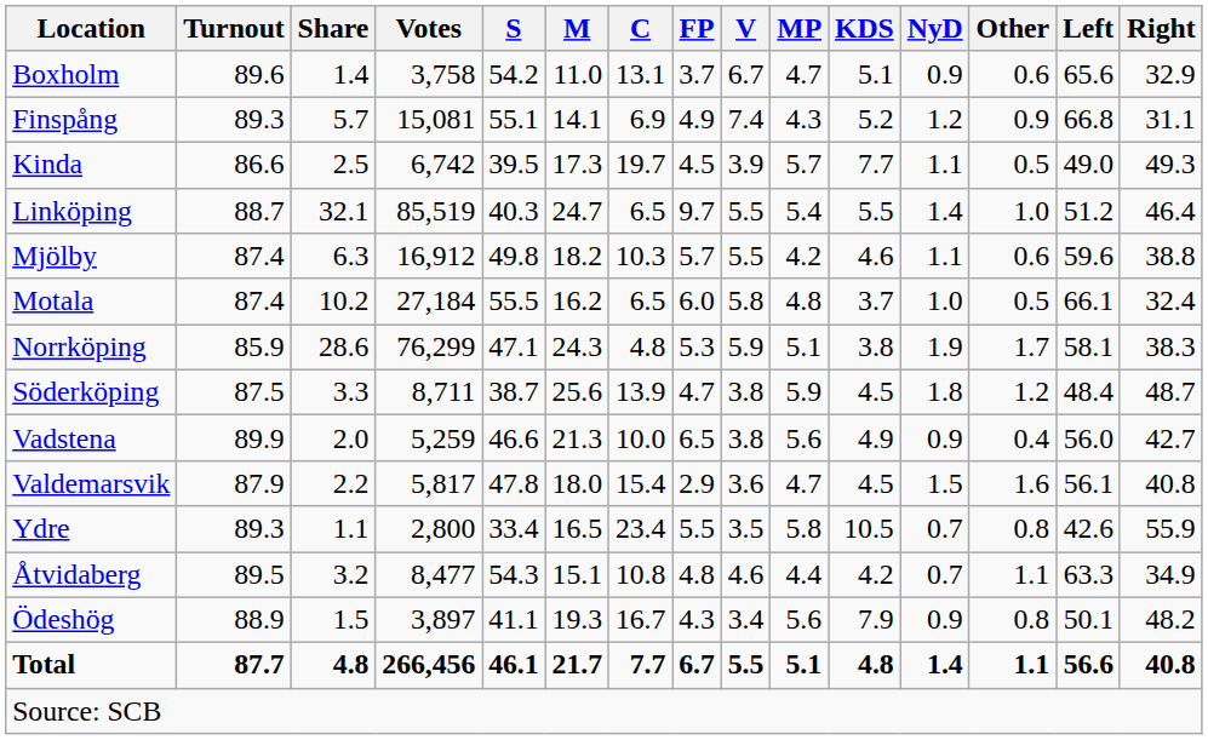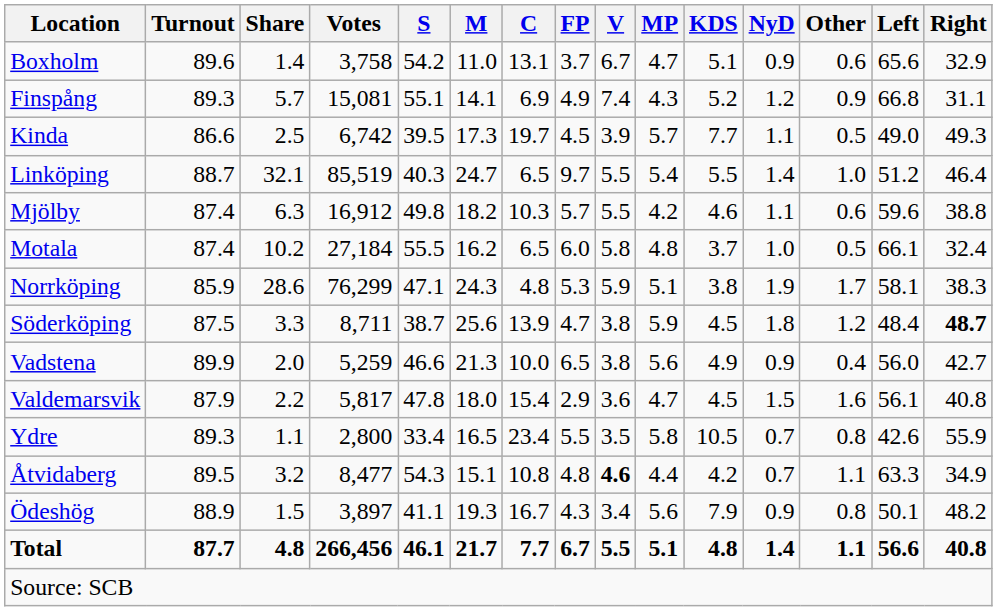 <table class="wikitable sortable" style=text-align:right>
 <tr>
 <th>Location</th>
 <th>Turnout</th>
 <th>Share</th>
 <th>Votes</th>
 <th><a href='#'>S</a></th>
 <th><a href='#'>M</a></th>
 <th><a href='#'>C</a></th>
 <th><a href='#'>FP</a></th>
 <th><a href='#'>V</a></th>
 <th><a href='#'>MP</a></th>
 <th><a href='#'>KDS</a></th>
 <th><a href='#'>NyD</a></th>
 <th>Other</th>
 <th>Left</th>
 <th>Right</th>
 </tr>
 <tr>
 <td align=left><a href='#'>Boxholm</a></td>
 <td>89.6</td>
 <td>1.4</td>
 <td>3,758</td>
 <td>54.2</td>
 <td>11.0</td>
 <td>13.1</td>
 <td>3.7</td>
 <td>6.7</td>
 <td>4.7</td>
 <td>5.1</td>
 <td>0.9</td>
 <td>0.6</td>
 <td>65.6</td>
 <td>32.9</td>
 </tr>
 <tr>
 <td align=left><a href='#'>Finspång</a></td>
 <td>89.3</td>
 <td>5.7</td>
 <td>15,081</td>
 <td>55.1</td>
 <td>14.1</td>
 <td>6.9</td>
 <td>4.9</td>
 <td>7.4</td>
 <td>4.3</td>
 <td>5.2</td>
 <td>1.2</td>
 <td>0.9</td>
 <td>66.8</td>
 <td>31.1</td>
 </tr>
 <tr>
 <td align=left><a href='#'>Kinda</a></td>
 <td>86.6</td>
 <td>2.5</td>
 <td>6,742</td>
 <td>39.5</td>
 <td>17.3</td>
 <td>19.7</td>
 <td>4.5</td>
 <td>3.9</td>
 <td>5.7</td>
 <td>7.7</td>
 <td>1.1</td>
 <td>0.5</td>
 <td>49.0</td>
 <td>49.3</td>
 </tr>
 <tr>
 <td align=left><a href='#'>Linköping</a></td>
 <td>88.7</td>
 <td>32.1</td>
 <td>85,519</td>
 <td>40.3</td>
 <td>24.7</td>
 <td>6.5</td>
 <td>9.7</td>
 <td>5.5</td>
 <td>5.4</td>
 <td>5.5</td>
 <td>1.4</td>
 <td>1.0</td>
 <td>51.2</td>
 <td>46.4</td>
 </tr>
 <tr>
 <td align=left><a href='#'>Mjölby</a></td>
 <td>87.4</td>
 <td>6.3</td>
 <td>16,912</td>
 <td>49.8</td>
 <td>18.2</td>
 <td>10.3</td>
 <td>5.7</td>
 <td>5.5</td>
 <td>4.2</td>
 <td>4.6</td>
 <td>1.1</td>
 <td>0.6</td>
 <td>59.6</td>
 <td>38.8</td>
 </tr>
 <tr>
 <td align=left><a href='#'>Motala</a></td>
 <td>87.4</td>
 <td>10.2</td>
 <td>27,184</td>
 <td>55.5</td>
 <td>16.2</td>
 <td>6.5</td>
 <td>6.0</td>
 <td>5.8</td>
 <td>4.8</td>
 <td>3.7</td>
 <td>1.0</td>
 <td>0.5</td>
 <td>66.1</td>
 <td>32.4</td>
 </tr>
 <tr>
 <td align=left><a href='#'>Norrköping</a></td>
 <td>85.9</td>
 <td>28.6</td>
 <td>76,299</td>
 <td>47.1</td>
 <td>24.3</td>
 <td>4.8</td>
 <td>5.3</td>
 <td>5.9</td>
 <td>5.1</td>
 <td>3.8</td>
 <td>1.9</td>
 <td>1.7</td>
 <td>58.1</td>
 <td>38.3</td>
 </tr>
 <tr>
 <td align=left><a href='#'>Söderköping</a></td>
 <td>87.5</td>
 <td>3.3</td>
 <td>8,711</td>
 <td>38.7</td>
 <td>25.6</td>
 <td>13.9</td>
 <td>4.7</td>
 <td>3.8</td>
 <td>5.9</td>
 <td>4.5</td>
 <td>1.8</td>
 <td>1.2</td>
 <td>48.4</td>
-<td>48.7</td>
+<td><strong>48.7</strong></td>
 </tr>
 <tr>
 <td align=left><a href='#'>Vadstena</a></td>
 <td>89.9</td>
 <td>2.0</td>
 <td>5,259</td>
 <td>46.6</td>
 <td>21.3</td>
 <td>10.0</td>
 <td>6.5</td>
 <td>3.8</td>
 <td>5.6</td>
 <td>4.9</td>
 <td>0.9</td>
 <td>0.4</td>
 <td>56.0</td>
 <td>42.7</td>
 </tr>
 <tr>
 <td align=left><a href='#'>Valdemarsvik</a></td>
 <td>87.9</td>
 <td>2.2</td>
 <td>5,817</td>
 <td>47.8</td>
 <td>18.0</td>
 <td>15.4</td>
 <td>2.9</td>
 <td>3.6</td>
 <td>4.7</td>
 <td>4.5</td>
 <td>1.5</td>
 <td>1.6</td>
 <td>56.1</td>
 <td>40.8</td>
 </tr>
 <tr>
 <td align=left><a href='#'>Ydre</a></td>
 <td>89.3</td>
 <td>1.1</td>
 <td>2,800</td>
 <td>33.4</td>
 <td>16.5</td>
 <td>23.4</td>
 <td>5.5</td>
 <td>3.5</td>
 <td>5.8</td>
 <td>10.5</td>
 <td>0.7</td>
 <td>0.8</td>
 <td>42.6</td>
 <td>55.9</td>
 </tr>
 <tr>
 <td align=left><a href='#'>Åtvidaberg</a></td>
 <td>89.5</td>
 <td>3.2</td>
 <td>8,477</td>
 <td>54.3</td>
 <td>15.1</td>
 <td>10.8</td>
 <td>4.8</td>
-<td>4.6</td>
+<td><strong>4.6</strong></td>
 <td>4.4</td>
 <td>4.2</td>
 <td>0.7</td>
 <td>1.1</td>
 <td>63.3</td>
 <td>34.9</td>
 </tr>
 <tr>
 <td align=left><a href='#'>Ödeshög</a></td>
 <td>88.9</td>
 <td>1.5</td>
 <td>3,897</td>
 <td>41.1</td>
 <td>19.3</td>
 <td>16.7</td>
 <td>4.3</td>
 <td>3.4</td>
 <td>5.6</td>
 <td>7.9</td>
 <td>0.9</td>
 <td>0.8</td>
 <td>50.1</td>
 <td>48.2</td>
 </tr>
 <tr>
 <td align=left><strong>Total</strong></td>
 <td><strong>87.7</strong></td>
 <td><strong>4.8</strong></td>
 <td><strong>266,456</strong></td>
 <td><strong>46.1</strong></td>
 <td><strong>21.7</strong></td>
 <td><strong>7.7</strong></td>
 <td><strong>6.7</strong></td>
 <td><strong>5.5</strong></td>
 <td><strong>5.1</strong></td>
 <td><strong>4.8</strong></td>
 <td><strong>1.4</strong></td>
 <td><strong>1.1</strong></td>
 <td><strong>56.6</strong></td>
 <td><strong>40.8</strong></td>
 </tr>
 <tr>
 <td align=left colspan=15>Source: SCB </td>
 </tr>
 </table>
